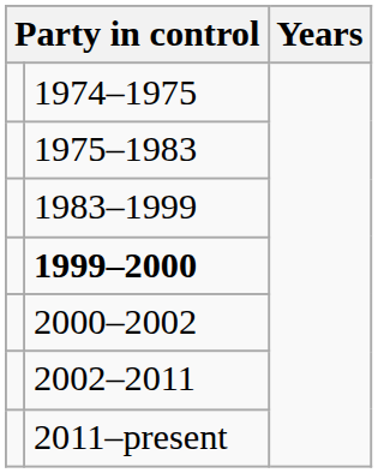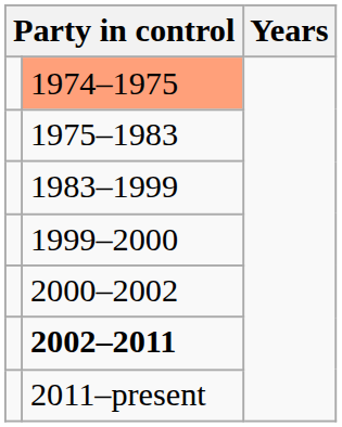 <table class="wikitable">
 <tr>
 <th colspan="2">Party in control</th>
 <th>Years</th>
 </tr>
 <tr>
 <td></td>
-<td>1974–1975</td>
+<td style="background: lightsalmon;">1974–1975</td>
 </tr>
 <tr>
 <td></td>
 <td>1975–1983</td>
 </tr>
 <tr>
 <td></td>
 <td>1983–1999</td>
 </tr>
 <tr>
 <td></td>
-<td><strong>1999–2000</strong></td>
+<td>1999–2000</td>
 </tr>
 <tr>
 <td></td>
 <td>2000–2002</td>
 </tr>
 <tr>
 <td></td>
-<td>2002–2011</td>
+<td><strong>2002–2011</strong></td>
 </tr>
 <tr>
 <td></td>
 <td>2011–present</td>
 </tr>
 </table>
